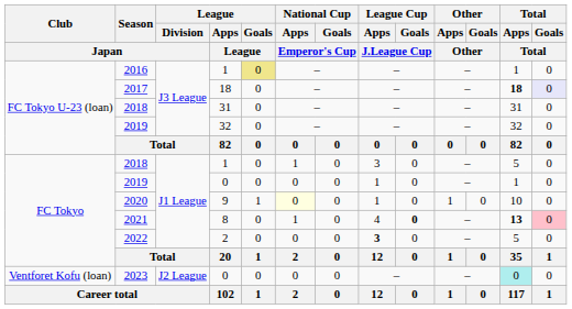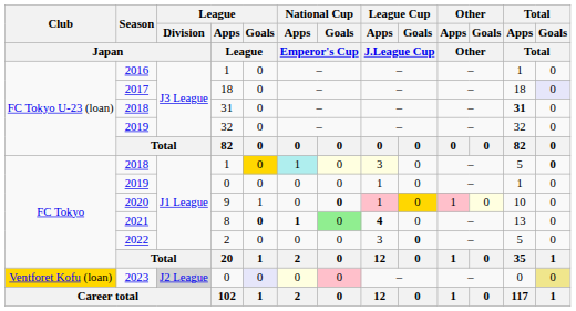 <table class="wikitable" style="text-align: center">
 <tr>
 <th rowspan="2">Club</th>
 <th rowspan="2">Season</th>
 <th colspan="3">League</th>
 <th colspan="2">National Cup</th>
 <th colspan="2">League Cup</th>
 <th colspan="2">Other</th>
 <th colspan="2">Total</th>
 </tr>
 <tr>
 <th>Division</th>
 <th>Apps</th>
 <th>Goals</th>
 <th>Apps</th>
 <th>Goals</th>
 <th>Apps</th>
 <th>Goals</th>
 <th>Apps</th>
 <th>Goals</th>
 <th>Apps</th>
 <th>Goals</th>
 </tr>
 <tr>
 <th colspan=3>Japan</th>
 <th colspan=2>League</th>
 <th colspan=2><a href='#'>Emperor's Cup</a></th>
 <th colspan=2><a href='#'>J.League Cup</a></th>
 <th colspan=2>Other</th>
 <th colspan=2>Total</th>
 </tr>
 <tr>
 <td rowspan="5"><a href='#'>FC Tokyo U-23</a> (loan)</td>
 <td><a href='#'>2016</a></td>
 <td rowspan="4"><a href='#'>J3 League</a></td>
 <td>1</td>
-<td style="background: khaki;">0</td>
+<td>0</td>
 <td colspan="2">–</td>
 <td colspan="2">–</td>
 <td colspan="2">–</td>
 <td>1</td>
 <td>0</td>
 </tr>
 <tr>
 <td><a href='#'>2017</a></td>
 <td>18</td>
 <td>0</td>
 <td colspan="2">–</td>
 <td colspan="2">–</td>
 <td colspan="2">–</td>
-<td><strong>18</strong></td>
+<td>18</td>
 <td style="background: lavender;">0</td>
 </tr>
 <tr>
 <td><a href='#'>2018</a></td>
 <td>31</td>
 <td>0</td>
 <td colspan="2">–</td>
 <td colspan="2">–</td>
 <td colspan="2">–</td>
-<td>31</td>
+<td><strong>31</strong></td>
 <td>0</td>
 </tr>
 <tr>
 <td><a href='#'>2019</a></td>
 <td>32</td>
 <td>0</td>
 <td colspan="2">–</td>
 <td colspan="2">–</td>
 <td colspan="2">–</td>
 <td>32</td>
 <td>0</td>
 </tr>
 <tr>
 <th colspan="2">Total</th>
 <th>82</th>
 <th>0</th>
 <th>0</th>
 <th>0</th>
 <th>0</th>
 <th>0</th>
 <th>0</th>
 <th>0</th>
 <th>82</th>
 <th>0</th>
 </tr>
 <tr>
 <td rowspan="6"><a href='#'>FC Tokyo</a></td>
 <td><a href='#'>2018</a></td>
 <td rowspan="5"><a href='#'>J1 League</a></td>
 <td>1</td>
-<td>0</td>
-<td>1</td>
-<td>0</td>
-<td>3</td>
+<td style="background: gold;">0</td>
+<td style="background: paleturquoise;">1</td>
+<td style="background: lightyellow;">0</td>
+<td style="background: lightyellow;">3</td>
 <td>0</td>
 <td colspan="2">–</td>
 <td>5</td>
-<td>0</td>
+<td><strong>0</strong></td>
 </tr>
 <tr>
 <td><a href='#'>2019</a></td>
 <td>0</td>
 <td>0</td>
 <td>0</td>
 <td>0</td>
 <td>1</td>
 <td>0</td>
 <td colspan="2">–</td>
 <td>1</td>
 <td>0</td>
 </tr>
 <tr>
 <td><a href='#'>2020</a></td>
 <td>9</td>
 <td>1</td>
+<td>0</td>
+<td><strong>0</strong></td>
+<td style="background: pink;">1</td>
+<td style="background: gold;">0</td>
+<td style="background: pink;">1</td>
 <td style="background: lightyellow;">0</td>
-<td>0</td>
-<td>1</td>
-<td>0</td>
-<td>1</td>
-<td>0</td>
 <td>10</td>
 <td>0</td>
 </tr>
 <tr>
 <td><a href='#'>2021</a></td>
 <td>8</td>
+<td><strong>0</strong></td>
+<td><strong>1</strong></td>
+<td style="background: lightgreen;">0</td>
+<td><strong>4</strong></td>
 <td>0</td>
-<td>1</td>
+<td colspan="2">–</td>
+<td>13</td>
 <td>0</td>
-<td>4</td>
-<td><strong>0</strong></td>
-<td colspan="2">–</td>
-<td><strong>13</strong></td>
-<td style="background: pink;">0</td>
 </tr>
 <tr>
 <td><a href='#'>2022</a></td>
 <td>2</td>
 <td>0</td>
 <td>0</td>
 <td>0</td>
-<td><strong>3</strong></td>
-<td>0</td>
+<td>3</td>
+<td><strong>0</strong></td>
 <td colspan="2">–</td>
 <td>5</td>
 <td>0</td>
 </tr>
 <tr>
 <th colspan="2">Total</th>
 <th>20</th>
 <th>1</th>
 <th>2</th>
 <th>0</th>
 <th>12</th>
 <th>0</th>
 <th>1</th>
 <th>0</th>
 <th>35</th>
 <th>1</th>
 </tr>
 <tr>
-<td><a href='#'>Ventforet Kofu</a> (loan)</td>
+<td style="background: gold;"><a href='#'>Ventforet Kofu</a> (loan)</td>
 <td><a href='#'>2023</a></td>
-<td><a href='#'>J2 League</a></td>
+<td style="background: lightgrey;"><a href='#'>J2 League</a></td>
 <td>0</td>
-<td>0</td>
-<td>0</td>
-<td>0</td>
+<td style="background: lavender;">0</td>
+<td style="background: lightyellow;">0</td>
+<td style="background: pink;">0</td>
 <td colspan="2">–</td>
 <td colspan="2">–</td>
-<td style="background: paleturquoise;">0</td>
 <td>0</td>
+<td style="background: khaki;">0</td>
 </tr>
 <tr>
 <th colspan=3>Career total</th>
 <th>102</th>
 <th>1</th>
 <th>2</th>
 <th>0</th>
 <th>12</th>
 <th>0</th>
 <th>1</th>
 <th>0</th>
 <th>117</th>
 <th>1</th>
 </tr>
 </table>
